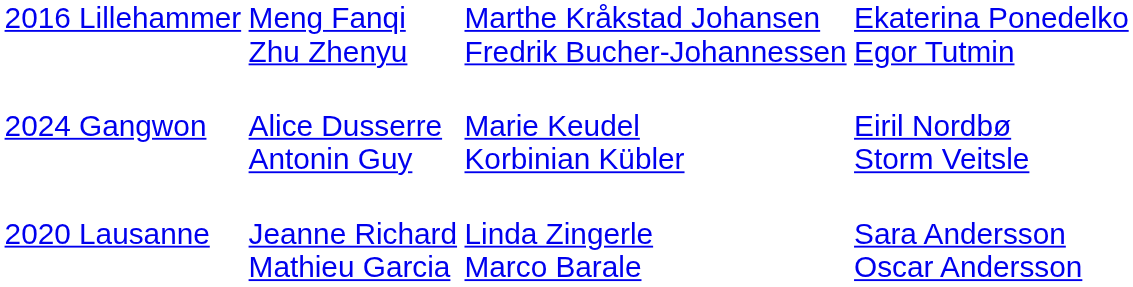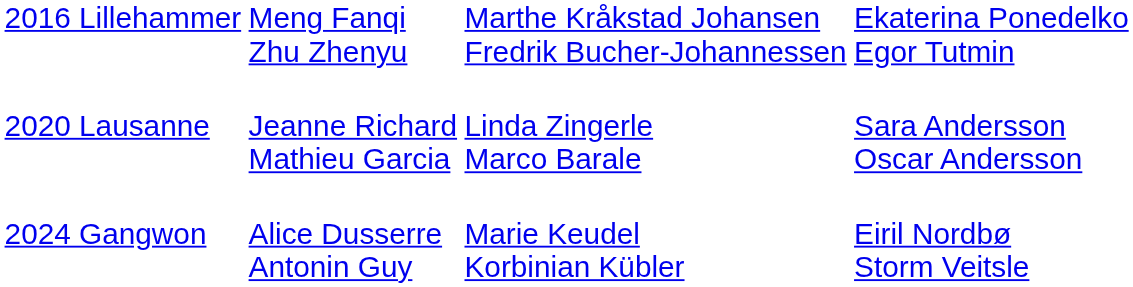 <table>
 <tr>
 <td><a href='#'>2016 Lillehammer</a><br></td>
 <td><br><a href='#'>Meng Fanqi</a><br><a href='#'>Zhu Zhenyu</a></td>
 <td><br><a href='#'>Marthe Kråkstad Johansen</a><br><a href='#'>Fredrik Bucher-Johannessen</a></td>
 <td><br><a href='#'>Ekaterina Ponedelko</a><br><a href='#'>Egor Tutmin</a></td>
 </tr>
 <tr>
+<td><a href='#'>2020 Lausanne</a><br></td>
+<td><br><a href='#'>Jeanne Richard</a><br><a href='#'>Mathieu Garcia</a></td>
+<td><br><a href='#'>Linda Zingerle</a><br><a href='#'>Marco Barale</a></td>
+<td><br><a href='#'>Sara Andersson</a><br><a href='#'>Oscar Andersson</a></td>
+</tr>
+<tr>
 <td><a href='#'>2024 Gangwon</a><br></td>
 <td><br><a href='#'>Alice Dusserre</a><br><a href='#'>Antonin Guy</a></td>
 <td><br><a href='#'>Marie Keudel</a><br><a href='#'>Korbinian Kübler</a></td>
 <td><br><a href='#'>Eiril Nordbø</a><br><a href='#'>Storm Veitsle</a></td>
 </tr>
-<tr>
-<td><a href='#'>2020 Lausanne</a><br></td>
-<td><br><a href='#'>Jeanne Richard</a><br><a href='#'>Mathieu Garcia</a></td>
-<td><br><a href='#'>Linda Zingerle</a><br><a href='#'>Marco Barale</a></td>
-<td><br><a href='#'>Sara Andersson</a><br><a href='#'>Oscar Andersson</a></td>
-</tr>
 </table>
